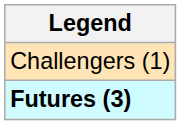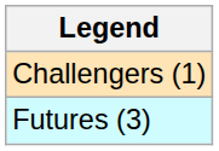 <table class=wikitable style=font-size:97%>
 <tr>
 <th>Legend</th>
 </tr>
 <tr bgcolor=moccasin>
 <td>Challengers (1)</td>
 </tr>
 <tr bgcolor=CFFCFF>
-<td><strong>Futures (3)</strong></td>
+<td>Futures (3)</td>
 </tr>
 </table>
